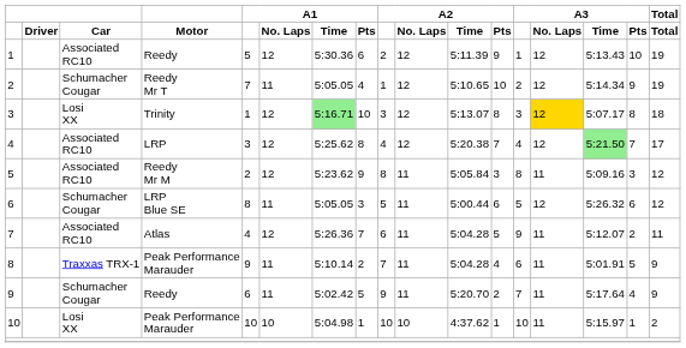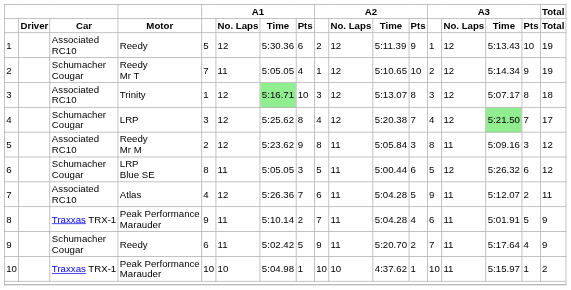 <table border="2" cellpadding="2" cellspacing="0" style="margin:0 1em 0 0; border:1px #aaa solid; border-collapse:collapse; font-size:85%;">
 <tr>
 <th colspan="3"></th>
 <th></th>
 <th colspan="4" style="text-align:center;">A1</th>
 <th colspan="4" style="text-align:center;">A2</th>
 <th colspan="4" style="text-align:center;">A3</th>
 <th>Total</th>
 </tr>
 <tr>
 <th style="text-align:center;"></th>
 <th style="text-align:center;">Driver</th>
 <th style="text-align:center;">Car</th>
 <th>Motor</th>
 <th style="text-align:center;"></th>
 <th style="text-align:center;">No. Laps</th>
 <th style="text-align:center;">Time</th>
 <th style="text-align:center;">Pts</th>
 <th style="text-align:center;"></th>
 <th style="text-align:center;">No. Laps</th>
 <th style="text-align:center;">Time</th>
 <th style="text-align:center;">Pts</th>
 <th style="text-align:center;"></th>
 <th style="text-align:center;">No. Laps</th>
 <th style="text-align:center;">Time</th>
 <th style="text-align:center;">Pts</th>
 <th style="text-align:center;">Total</th>
 </tr>
 <tr>
 <td>1</td>
 <td></td>
 <td>Associated<br>RC10</td>
 <td>Reedy</td>
 <td>5</td>
 <td>12</td>
 <td>5:30.36</td>
 <td>6</td>
 <td>2</td>
 <td>12</td>
 <td>5:11.39</td>
 <td>9</td>
 <td>1</td>
 <td>12</td>
 <td>5:13.43</td>
 <td>10</td>
 <td>19</td>
 </tr>
 <tr>
 <td>2</td>
 <td></td>
 <td>Schumacher<br>Cougar</td>
 <td>Reedy <br> Mr T</td>
 <td>7</td>
 <td>11</td>
 <td>5:05.05</td>
 <td>4</td>
 <td>1</td>
 <td>12</td>
 <td>5:10.65</td>
 <td>10</td>
 <td>2</td>
 <td>12</td>
 <td>5:14.34</td>
 <td>9</td>
 <td>19</td>
 </tr>
 <tr>
 <td>3</td>
 <td></td>
-<td>Losi<br>XX</td>
+<td>Associated<br>RC10</td>
 <td>Trinity</td>
 <td>1</td>
 <td>12</td>
 <td style="background: lightgreen;">5:16.71</td>
 <td>10</td>
 <td>3</td>
 <td>12</td>
 <td>5:13.07</td>
 <td>8</td>
 <td>3</td>
-<td style="background: gold;">12</td>
+<td>12</td>
 <td>5:07.17</td>
 <td>8</td>
 <td>18</td>
 </tr>
 <tr>
 <td>4</td>
 <td></td>
-<td>Associated<br>RC10</td>
+<td>Schumacher<br>Cougar</td>
 <td>LRP</td>
 <td>3</td>
 <td>12</td>
 <td>5:25.62</td>
 <td>8</td>
 <td>4</td>
 <td>12</td>
 <td>5:20.38</td>
 <td>7</td>
 <td>4</td>
 <td>12</td>
 <td style="background: lightgreen;">5:21.50</td>
 <td>7</td>
 <td>17</td>
 </tr>
 <tr>
 <td>5</td>
 <td></td>
 <td>Associated<br>RC10</td>
 <td>Reedy <br> Mr M</td>
 <td>2</td>
 <td>12</td>
 <td>5:23.62</td>
 <td>9</td>
 <td>8</td>
 <td>11</td>
 <td>5:05.84</td>
 <td>3</td>
 <td>8</td>
 <td>11</td>
 <td>5:09.16</td>
 <td>3</td>
 <td>12</td>
 </tr>
 <tr>
 <td>6</td>
 <td></td>
 <td>Schumacher<br>Cougar</td>
 <td>LRP <br> Blue SE</td>
 <td>8</td>
 <td>11</td>
 <td>5:05.05</td>
 <td>3</td>
 <td>5</td>
 <td>11</td>
 <td>5:00.44</td>
 <td>6</td>
 <td>5</td>
 <td>12</td>
 <td>5:26.32</td>
 <td>6</td>
 <td>12</td>
 </tr>
 <tr>
 <td>7</td>
 <td></td>
 <td>Associated<br>RC10</td>
 <td>Atlas</td>
 <td>4</td>
 <td>12</td>
 <td>5:26.36</td>
 <td>7</td>
 <td>6</td>
 <td>11</td>
 <td>5:04.28</td>
 <td>5</td>
 <td>9</td>
 <td>11</td>
 <td>5:12.07</td>
 <td>2</td>
 <td>11</td>
 </tr>
 <tr>
 <td>8</td>
 <td></td>
 <td><a href='#'>Traxxas</a> TRX-1</td>
 <td>Peak Performance <br> Marauder</td>
 <td>9</td>
 <td>11</td>
 <td>5:10.14</td>
 <td>2</td>
 <td>7</td>
 <td>11</td>
 <td>5:04.28</td>
 <td>4</td>
 <td>6</td>
 <td>11</td>
 <td>5:01.91</td>
 <td>5</td>
 <td>9</td>
 </tr>
 <tr>
 <td>9</td>
 <td></td>
 <td>Schumacher<br>Cougar</td>
 <td>Reedy</td>
 <td>6</td>
 <td>11</td>
 <td>5:02.42</td>
 <td>5</td>
 <td>9</td>
 <td>11</td>
 <td>5:20.70</td>
 <td>2</td>
 <td>7</td>
 <td>11</td>
 <td>5:17.64</td>
 <td>4</td>
 <td>9</td>
 </tr>
 <tr>
 <td>10</td>
 <td></td>
-<td>Losi<br>XX</td>
+<td><a href='#'>Traxxas</a> TRX-1</td>
 <td>Peak Performance <br> Marauder</td>
 <td>10</td>
 <td>10</td>
 <td>5:04.98</td>
 <td>1</td>
 <td>10</td>
 <td>10</td>
 <td>4:37.62</td>
 <td>1</td>
 <td>10</td>
 <td>11</td>
 <td>5:15.97</td>
 <td>1</td>
 <td>2</td>
 </tr>
 <tr>
 <td colspan="17"></td>
 </tr>
 <tr>
 </tr>
 </table>
